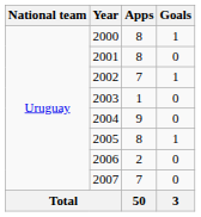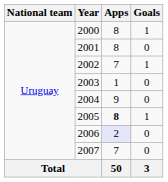 <table class="wikitable" style="text-align:center">
 <tr>
 <th>National team</th>
 <th>Year</th>
 <th>Apps</th>
 <th>Goals</th>
 </tr>
 <tr>
 <td rowspan=8><a href='#'>Uruguay</a></td>
 <td>2000</td>
 <td>8</td>
 <td>1</td>
 </tr>
 <tr>
 <td>2001</td>
 <td>8</td>
 <td>0</td>
 </tr>
 <tr>
 <td>2002</td>
 <td>7</td>
 <td>1</td>
 </tr>
 <tr>
 <td>2003</td>
 <td>1</td>
 <td>0</td>
 </tr>
 <tr>
 <td>2004</td>
 <td>9</td>
 <td>0</td>
 </tr>
 <tr>
 <td>2005</td>
-<td>8</td>
+<td><strong>8</strong></td>
 <td>1</td>
 </tr>
 <tr>
 <td>2006</td>
-<td>2</td>
+<td style="background: lavender;">2</td>
 <td>0</td>
 </tr>
 <tr>
 <td>2007</td>
 <td>7</td>
 <td>0</td>
 </tr>
 <tr>
 <th colspan=2>Total</th>
 <th>50</th>
 <th>3</th>
 </tr>
 </table>
